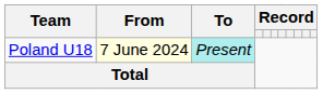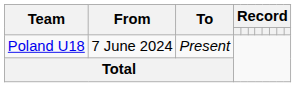 <table class="wikitable" style="text-align: center;">
 <tr>
 <th rowspan="2">Team</th>
 <th rowspan="2">From</th>
 <th rowspan="2">To</th>
 <th colspan="8">Record</th>
 </tr>
 <tr>
 <th></th>
 <th></th>
 <th></th>
 <th></th>
 <th></th>
 <th></th>
 <th></th>
 <th></th>
 </tr>
 <tr>
 <td align=left><a href='#'>Poland U18</a></td>
-<td align=left style="background: lightyellow;">7 June 2024</td>
-<td align=left style="background: paleturquoise;"><em>Present</em><br></td>
+<td align=left>7 June 2024</td>
+<td align=left><em>Present</em><br></td>
 </tr>
 <tr>
 <th colspan="3">Total<br></th>
 </tr>
 </table>
